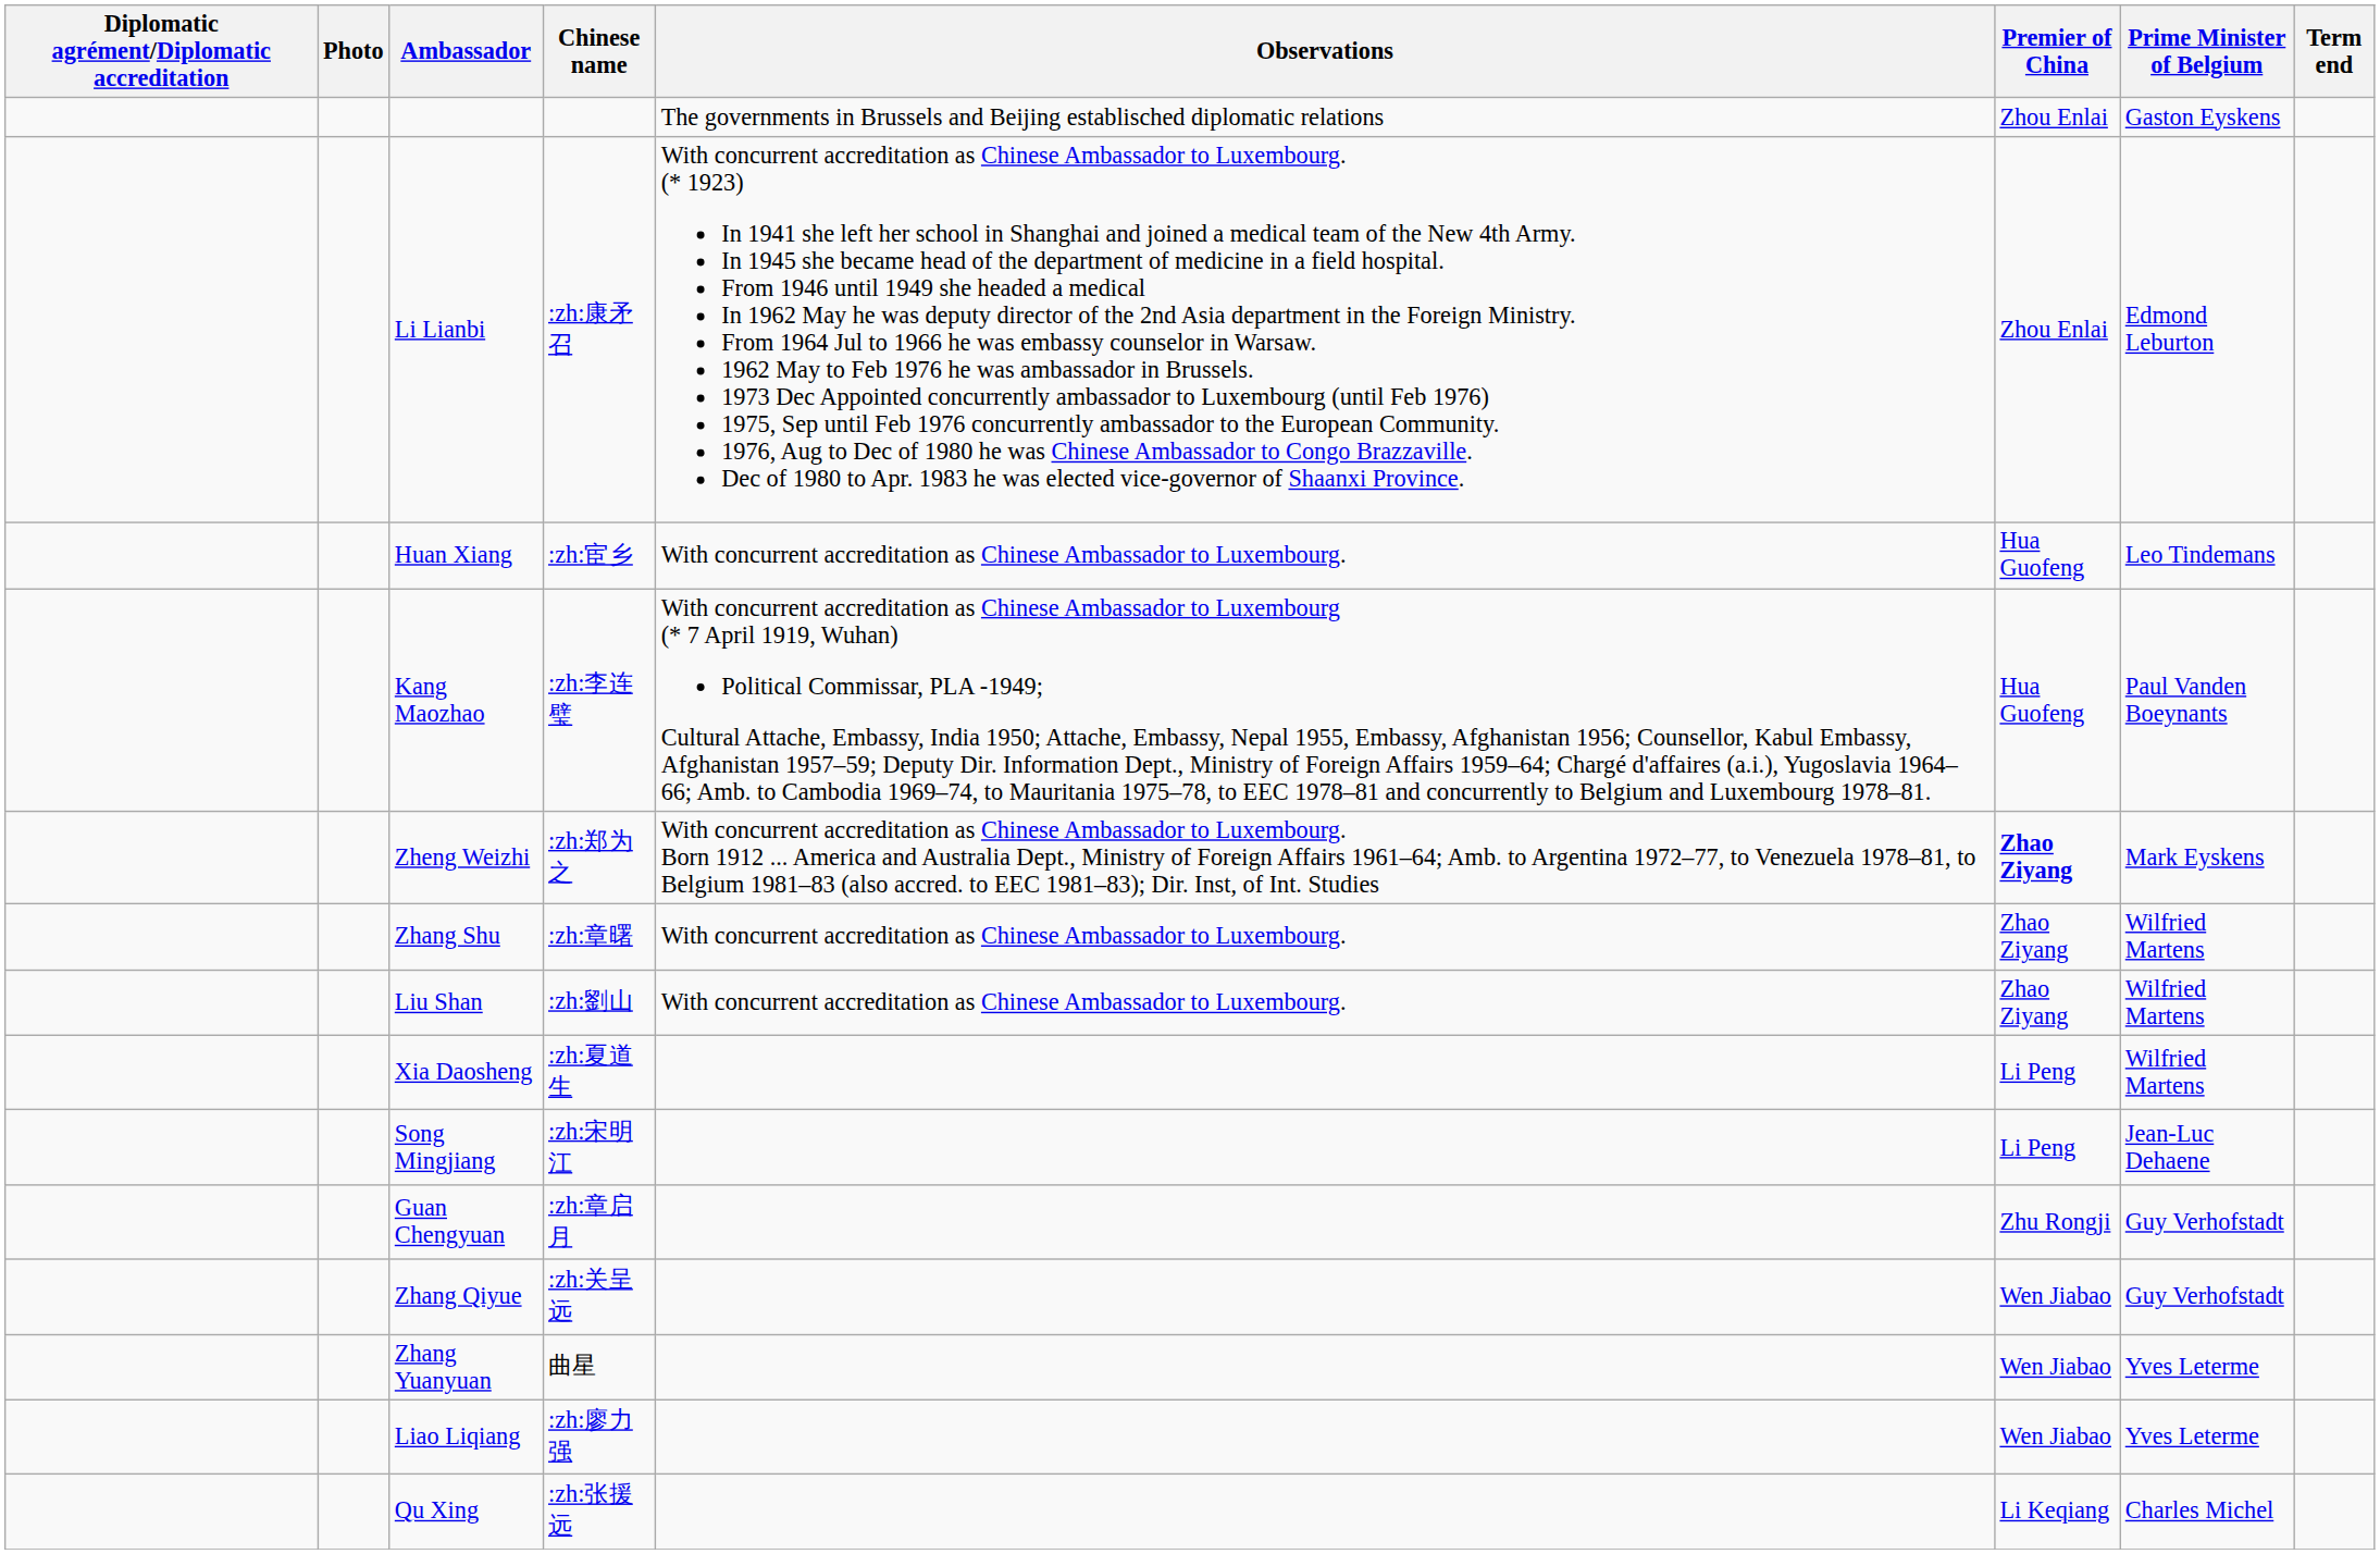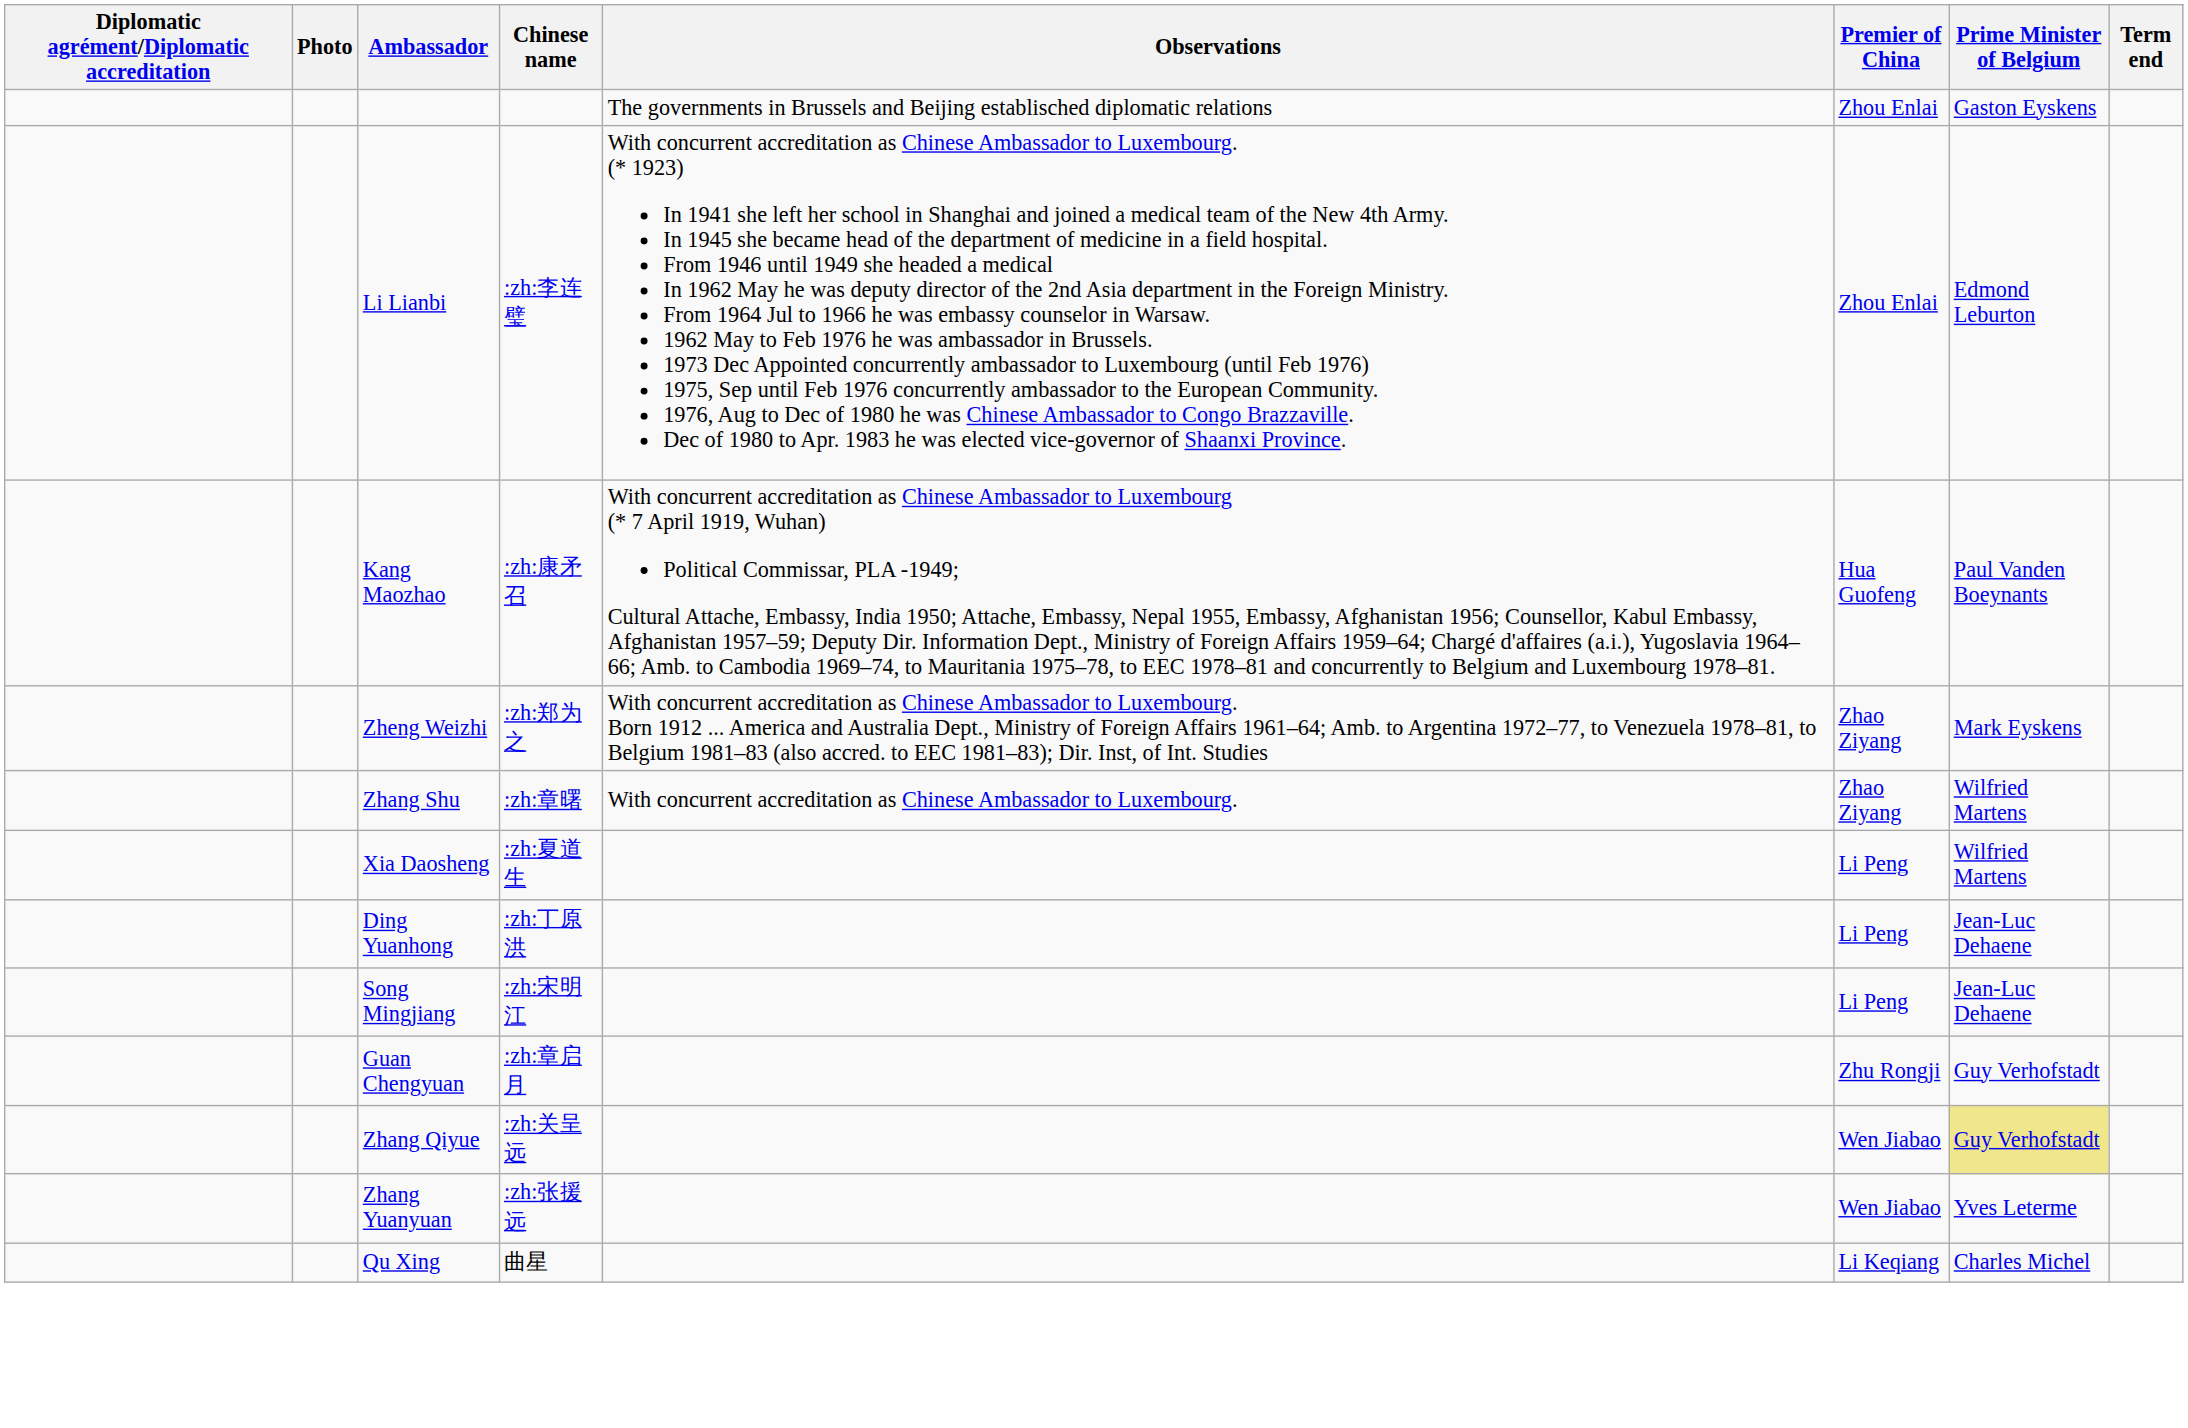 <table class="wikitable sortable">
 <tr>
 <th>Diplomatic <a href='#'>agrément</a>/<a href='#'>Diplomatic accreditation</a></th>
 <th>Photo</th>
 <th><a href='#'>Ambassador</a></th>
 <th>Chinese name</th>
 <th>Observations</th>
 <th><a href='#'>Premier of China</a></th>
 <th><a href='#'>Prime Minister of Belgium</a></th>
 <th>Term end</th>
 </tr>
 <tr>
 <td></td>
 <td></td>
 <td></td>
 <td></td>
 <td>The governments in Brussels and Beijing establisched diplomatic relations</td>
 <td><a href='#'>Zhou Enlai</a></td>
 <td><a href='#'>Gaston Eyskens</a></td>
 <td></td>
 </tr>
 <tr>
 <td></td>
 <td></td>
 <td><a href='#'>Li Lianbi</a></td>
-<td><a href='#'>:zh:康矛召</a></td>
+<td><a href='#'>:zh:李连璧</a></td>
 <td>With concurrent accreditation as <a href='#'>Chinese Ambassador to Luxembourg</a>.<br>(* 1923)<ul><li>In 1941 she left her school in Shanghai and joined a medical team of the New 4th Army.</li><li>In 1945 she became head of the department of medicine in a field hospital.</li><li>From 1946 until 1949 she headed a medical</li><li>In 1962 May he was deputy director of the 2nd Asia department in the Foreign Ministry.</li><li>From 1964 Jul to 1966 he was embassy counselor in Warsaw.</li><li>1962 May to Feb 1976 he was ambassador in Brussels.</li><li>1973 Dec Appointed concurrently ambassador to Luxembourg (until Feb 1976)</li><li>1975, Sep until Feb 1976 concurrently ambassador to the European Community.</li><li>1976, Aug to Dec of 1980 he was <a href='#'>Chinese Ambassador to Congo Brazzaville</a>.</li><li>Dec of 1980 to Apr. 1983 he was elected vice-governor of <a href='#'>Shaanxi Province</a>.</li></ul></td>
 <td><a href='#'>Zhou Enlai</a></td>
 <td><a href='#'>Edmond Leburton</a></td>
 <td></td>
 </tr>
 <tr>
 <td></td>
 <td></td>
-<td><a href='#'>Huan Xiang</a></td>
-<td><a href='#'>:zh:宦乡</a></td>
-<td>With concurrent accreditation as <a href='#'>Chinese Ambassador to Luxembourg</a>.</td>
-<td><a href='#'>Hua Guofeng</a></td>
-<td><a href='#'>Leo Tindemans</a></td>
-<td></td>
-</tr>
-<tr>
-<td></td>
-<td></td>
 <td><a href='#'>Kang Maozhao</a></td>
-<td><a href='#'>:zh:李连璧</a></td>
+<td><a href='#'>:zh:康矛召</a></td>
 <td>With concurrent accreditation as <a href='#'>Chinese Ambassador to Luxembourg</a><br>(* 7 April 1919, Wuhan)<ul><li>Political Commissar, PLA -1949;</li></ul>Cultural Attache, Embassy, India 1950;  Attache, Embassy, Nepal 1955, Embassy, Afghanistan 1956;  Counsellor, Kabul Embassy, Afghanistan 1957–59;  Deputy Dir. Information Dept., Ministry of Foreign Affairs 1959–64;  Chargé d'affaires (a.i.), Yugoslavia 1964–66;  Amb. to Cambodia 1969–74,  to Mauritania 1975–78, to EEC 1978–81 and concurrently to Belgium and Luxembourg 1978–81.</td>
 <td><a href='#'>Hua Guofeng</a></td>
 <td><a href='#'>Paul Vanden Boeynants</a></td>
 <td></td>
 </tr>
 <tr>
 <td></td>
 <td></td>
 <td><a href='#'>Zheng Weizhi</a></td>
 <td><a href='#'>:zh:郑为之</a></td>
 <td>With concurrent accreditation as <a href='#'>Chinese Ambassador to Luxembourg</a>.<br>Born 1912 ...  America and Australia Dept.,  Ministry of Foreign Affairs 1961–64;  Amb. to Argentina 1972–77,  to Venezuela 1978–81,  to Belgium 1981–83 (also accred. to EEC 1981–83);  Dir. Inst, of Int. Studies</td>
-<td><strong><a href='#'>Zhao Ziyang</a></strong></td>
+<td><a href='#'>Zhao Ziyang</a></td>
 <td><a href='#'>Mark Eyskens</a></td>
 <td></td>
 </tr>
 <tr>
 <td></td>
 <td></td>
 <td><a href='#'>Zhang Shu</a></td>
 <td><a href='#'>:zh:章曙</a></td>
 <td>With concurrent accreditation as <a href='#'>Chinese Ambassador to Luxembourg</a>.</td>
 <td><a href='#'>Zhao Ziyang</a></td>
 <td><a href='#'>Wilfried Martens</a></td>
 <td></td>
 </tr>
 <tr>
 <td></td>
 <td></td>
-<td><a href='#'>Liu Shan</a></td>
-<td><a href='#'>:zh:劉山</a></td>
-<td>With concurrent accreditation as <a href='#'>Chinese Ambassador to Luxembourg</a>.</td>
-<td><a href='#'>Zhao Ziyang</a></td>
+<td><a href='#'>Xia Daosheng</a></td>
+<td><a href='#'>:zh:夏道生</a></td>
+<td></td>
+<td><a href='#'>Li Peng</a></td>
 <td><a href='#'>Wilfried Martens</a></td>
 <td></td>
 </tr>
 <tr>
 <td></td>
 <td></td>
-<td><a href='#'>Xia Daosheng</a></td>
-<td><a href='#'>:zh:夏道生</a></td>
+<td><a href='#'>Ding Yuanhong</a></td>
+<td><a href='#'>:zh:丁原洪</a></td>
 <td></td>
 <td><a href='#'>Li Peng</a></td>
-<td><a href='#'>Wilfried Martens</a></td>
+<td><a href='#'>Jean-Luc Dehaene</a></td>
 <td></td>
 </tr>
 <tr>
 <td></td>
 <td></td>
 <td><a href='#'>Song Mingjiang</a></td>
 <td><a href='#'>:zh:宋明江</a></td>
 <td></td>
 <td><a href='#'>Li Peng</a></td>
 <td><a href='#'>Jean-Luc Dehaene</a></td>
 <td></td>
 </tr>
 <tr>
 <td></td>
 <td></td>
 <td><a href='#'>Guan Chengyuan</a></td>
 <td><a href='#'>:zh:章启月</a></td>
 <td></td>
 <td><a href='#'>Zhu Rongji</a></td>
 <td><a href='#'>Guy Verhofstadt</a></td>
 <td></td>
 </tr>
 <tr>
 <td></td>
 <td></td>
 <td><a href='#'>Zhang Qiyue</a></td>
 <td><a href='#'>:zh:关呈远</a></td>
 <td></td>
 <td><a href='#'>Wen Jiabao</a></td>
-<td><a href='#'>Guy Verhofstadt</a></td>
+<td style="background: khaki;"><a href='#'>Guy Verhofstadt</a></td>
 <td></td>
 </tr>
 <tr>
 <td></td>
 <td></td>
 <td><a href='#'>Zhang Yuanyuan</a></td>
-<td>曲星</td>
-<td></td>
-<td><a href='#'>Wen Jiabao</a></td>
-<td><a href='#'>Yves Leterme</a></td>
-<td></td>
-</tr>
-<tr>
-<td></td>
-<td></td>
-<td><a href='#'>Liao Liqiang</a></td>
-<td><a href='#'>:zh:廖力强</a></td>
+<td><a href='#'>:zh:张援远</a></td>
 <td></td>
 <td><a href='#'>Wen Jiabao</a></td>
 <td><a href='#'>Yves Leterme</a></td>
 <td></td>
 </tr>
 <tr>
 <td></td>
 <td></td>
 <td><a href='#'>Qu Xing</a></td>
-<td><a href='#'>:zh:张援远</a></td>
+<td>曲星</td>
 <td></td>
 <td><a href='#'>Li Keqiang</a></td>
 <td><a href='#'>Charles Michel</a></td>
 <td></td>
 </tr>
 </table>
